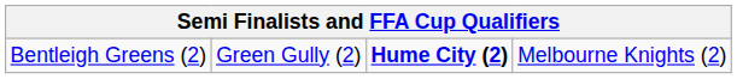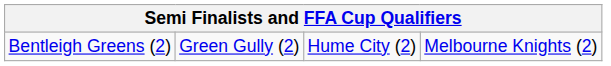 <table class="wikitable" style="text-align:center">
 <tr>
 <th colspan=4>Semi Finalists and <a href='#'>FFA Cup Qualifiers</a></th>
 </tr>
 <tr>
 <td><a href='#'>Bentleigh Greens</a> (<a href='#'>2</a>)</td>
 <td><a href='#'>Green Gully</a> (<a href='#'>2</a>)</td>
-<td><strong><a href='#'>Hume City</a> (<a href='#'>2</a>)</strong></td>
+<td><a href='#'>Hume City</a> (<a href='#'>2</a>)</td>
 <td><a href='#'>Melbourne Knights</a> (<a href='#'>2</a>)</td>
 </tr>
 </table>
